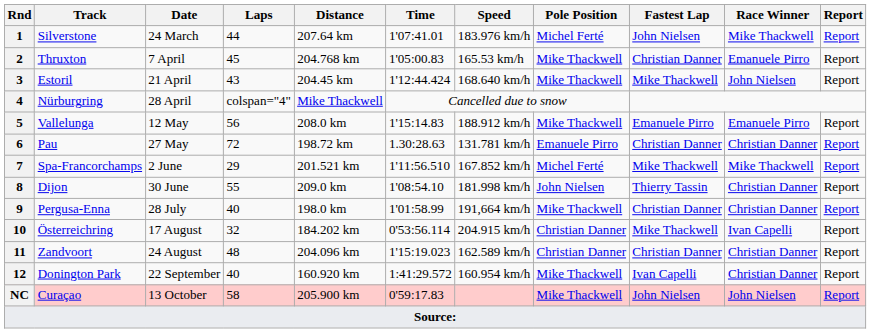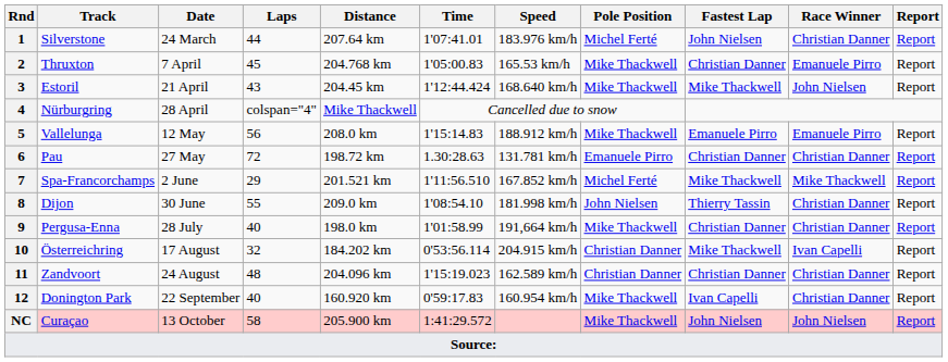 <table class="wikitable sortable" style="font-size: 85%;">
 <tr>
 <th>Rnd</th>
 <th>Track</th>
 <th>Date</th>
 <th>Laps</th>
 <th>Distance</th>
 <th>Time</th>
 <th>Speed</th>
 <th>Pole Position</th>
 <th>Fastest Lap</th>
 <th>Race Winner</th>
 <th>Report</th>
 </tr>
 <tr>
 <th>1</th>
 <td nowrap> <a href='#'>Silverstone</a></td>
 <td nowrap>24 March</td>
 <td>44</td>
 <td>207.64 km</td>
 <td>1'07:41.01</td>
 <td>183.976 km/h</td>
 <td nowrap> <a href='#'>Michel Ferté</a></td>
 <td nowrap> <a href='#'>John Nielsen</a></td>
-<td nowrap> <a href='#'>Mike Thackwell</a></td>
+<td nowrap> <a href='#'>Christian Danner</a></td>
 <td><a href='#'>Report</a></td>
 </tr>
 <tr>
 <th>2</th>
 <td nowrap> <a href='#'>Thruxton</a></td>
 <td nowrap>7 April</td>
 <td>45</td>
 <td>204.768 km</td>
 <td>1'05:00.83</td>
 <td>165.53 km/h</td>
 <td nowrap> <a href='#'>Mike Thackwell</a></td>
 <td nowrap> <a href='#'>Christian Danner</a></td>
 <td nowrap> <a href='#'>Emanuele Pirro</a></td>
 <td>Report</td>
 </tr>
 <tr>
 <th>3</th>
 <td nowrap> <a href='#'>Estoril</a></td>
 <td nowrap>21 April</td>
 <td>43</td>
 <td>204.45 km</td>
 <td>1'12:44.424</td>
 <td>168.640 km/h</td>
 <td nowrap> <a href='#'>Mike Thackwell</a></td>
 <td nowrap> <a href='#'>Mike Thackwell</a></td>
 <td nowrap> <a href='#'>John Nielsen</a></td>
 <td>Report</td>
 </tr>
 <tr>
 <th>4</th>
 <td nowrap> <a href='#'>Nürburgring</a></td>
 <td nowrap>28 April</td>
 <td>colspan="4" </td>
 <td nowrap> <a href='#'>Mike Thackwell</a></td>
 <td colspan="3" align=center><em>Cancelled due to snow</em></td>
 </tr>
 <tr>
 <th>5</th>
 <td nowrap> <a href='#'>Vallelunga</a></td>
 <td nowrap>12 May</td>
 <td>56</td>
 <td>208.0 km</td>
 <td>1'15:14.83</td>
 <td>188.912 km/h</td>
 <td nowrap> <a href='#'>Mike Thackwell</a></td>
 <td nowrap> <a href='#'>Emanuele Pirro</a></td>
 <td nowrap> <a href='#'>Emanuele Pirro</a></td>
 <td>Report</td>
 </tr>
 <tr>
 <th>6</th>
 <td nowrap> <a href='#'>Pau</a></td>
 <td nowrap>27 May</td>
 <td>72</td>
 <td>198.72 km</td>
 <td>1.30:28.63</td>
 <td>131.781 km/h</td>
 <td nowrap> <a href='#'>Emanuele Pirro</a></td>
 <td nowrap> <a href='#'>Christian Danner</a></td>
 <td nowrap> <a href='#'>Christian Danner</a></td>
 <td><a href='#'>Report</a></td>
 </tr>
 <tr>
 <th>7</th>
 <td nowrap> <a href='#'>Spa-Francorchamps</a></td>
 <td nowrap>2 June</td>
 <td>29</td>
 <td>201.521 km</td>
 <td>1'11:56.510</td>
 <td>167.852 km/h</td>
 <td nowrap> <a href='#'>Michel Ferté</a></td>
 <td nowrap> <a href='#'>Mike Thackwell</a></td>
 <td nowrap> <a href='#'>Mike Thackwell</a></td>
 <td><a href='#'>Report</a></td>
 </tr>
 <tr>
 <th>8</th>
 <td nowrap> <a href='#'>Dijon</a></td>
 <td nowrap>30 June</td>
 <td>55</td>
 <td>209.0 km</td>
 <td>1'08:54.10</td>
 <td>181.998 km/h</td>
 <td nowrap> <a href='#'>John Nielsen</a></td>
 <td nowrap> <a href='#'>Thierry Tassin</a></td>
 <td nowrap> <a href='#'>Christian Danner</a></td>
 <td>Report</td>
 </tr>
 <tr>
 <th>9</th>
 <td nowrap> <a href='#'>Pergusa-Enna</a></td>
 <td nowrap>28 July</td>
 <td>40</td>
 <td>198.0 km</td>
 <td>1'01:58.99</td>
 <td>191,664 km/h</td>
 <td nowrap> <a href='#'>Mike Thackwell</a></td>
 <td nowrap> <a href='#'>Christian Danner</a></td>
 <td nowrap> <a href='#'>Christian Danner</a></td>
 <td><a href='#'>Report</a></td>
 </tr>
 <tr>
 <th>10</th>
 <td nowrap> <a href='#'>Österreichring</a></td>
 <td nowrap>17 August</td>
 <td>32</td>
 <td>184.202 km</td>
 <td>0'53:56.114</td>
 <td>204.915 km/h</td>
 <td nowrap> <a href='#'>Christian Danner</a></td>
 <td nowrap> <a href='#'>Mike Thackwell</a></td>
 <td nowrap> <a href='#'>Ivan Capelli</a></td>
 <td>Report</td>
 </tr>
 <tr>
 <th>11</th>
 <td nowrap> <a href='#'>Zandvoort</a></td>
 <td nowrap>24 August</td>
 <td>48</td>
 <td>204.096 km</td>
 <td>1'15:19.023</td>
 <td>162.589 km/h</td>
 <td nowrap> <a href='#'>Christian Danner</a></td>
 <td nowrap> <a href='#'>Christian Danner</a></td>
 <td nowrap> <a href='#'>Christian Danner</a></td>
 <td>Report</td>
 </tr>
 <tr>
 <th>12</th>
 <td nowrap> <a href='#'>Donington Park</a></td>
 <td nowrap>22 September</td>
 <td>40</td>
 <td>160.920 km</td>
-<td>1:41:29.572</td>
+<td>0'59:17.83</td>
 <td>160.954 km/h</td>
 <td nowrap> <a href='#'>Mike Thackwell</a></td>
 <td nowrap> <a href='#'>Ivan Capelli</a></td>
 <td nowrap> <a href='#'>Christian Danner</a></td>
 <td>Report</td>
 </tr>
 <tr style="background:#fcc;">
 <th>NC</th>
 <td nowrap> <a href='#'>Curaçao</a></td>
 <td nowrap>13 October</td>
 <td>58</td>
 <td>205.900 km</td>
-<td>0'59:17.83</td>
+<td>1:41:29.572</td>
 <td></td>
 <td nowrap> <a href='#'>Mike Thackwell</a></td>
 <td nowrap> <a href='#'>John Nielsen</a></td>
 <td nowrap> <a href='#'>John Nielsen</a></td>
 <td><a href='#'>Report</a></td>
 </tr>
 <tr class="sortbottom">
 <td colspan="11" style="background-color:#EAECF0;text-align:center"><strong>Source:</strong></td>
 </tr>
 </table>
